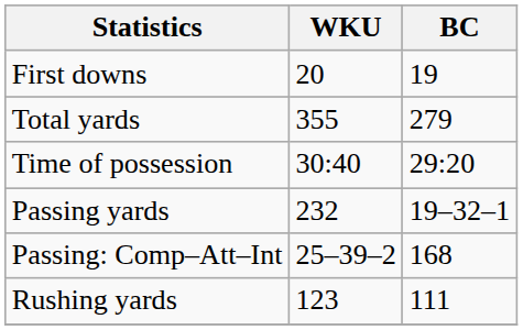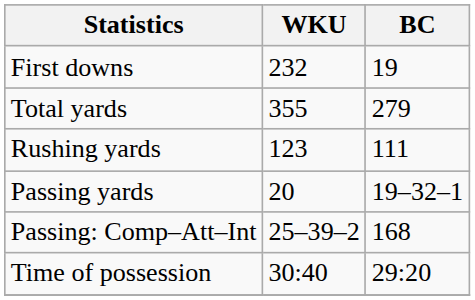 <table class="wikitable" style="float: left;">
 <tr>
 <th>Statistics</th>
 <th>WKU</th>
 <th>BC</th>
 </tr>
 <tr>
 <td>First downs</td>
-<td>20</td>
+<td>232</td>
 <td>19</td>
 </tr>
 <tr>
 <td>Total yards</td>
 <td>355</td>
 <td>279</td>
 </tr>
 <tr>
-<td>Time of possession</td>
-<td>30:40</td>
-<td>29:20</td>
+<td>Rushing yards</td>
+<td>123</td>
+<td>111</td>
 </tr>
 <tr>
 <td>Passing yards</td>
-<td>232</td>
+<td>20</td>
 <td>19–32–1</td>
 </tr>
 <tr>
 <td>Passing: Comp–Att–Int</td>
 <td>25–39–2</td>
 <td>168</td>
 </tr>
 <tr>
-<td>Rushing yards</td>
-<td>123</td>
-<td>111</td>
+<td>Time of possession</td>
+<td>30:40</td>
+<td>29:20</td>
 </tr>
 <tr>
 </tr>
 </table>
